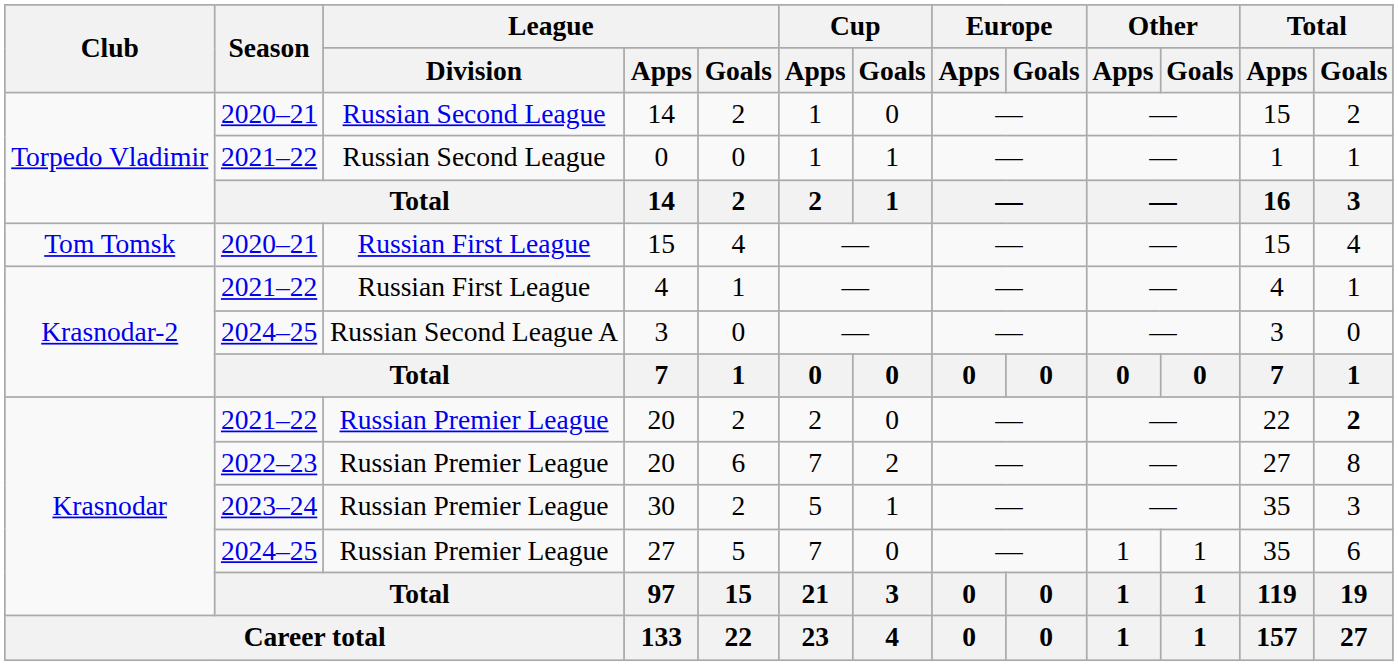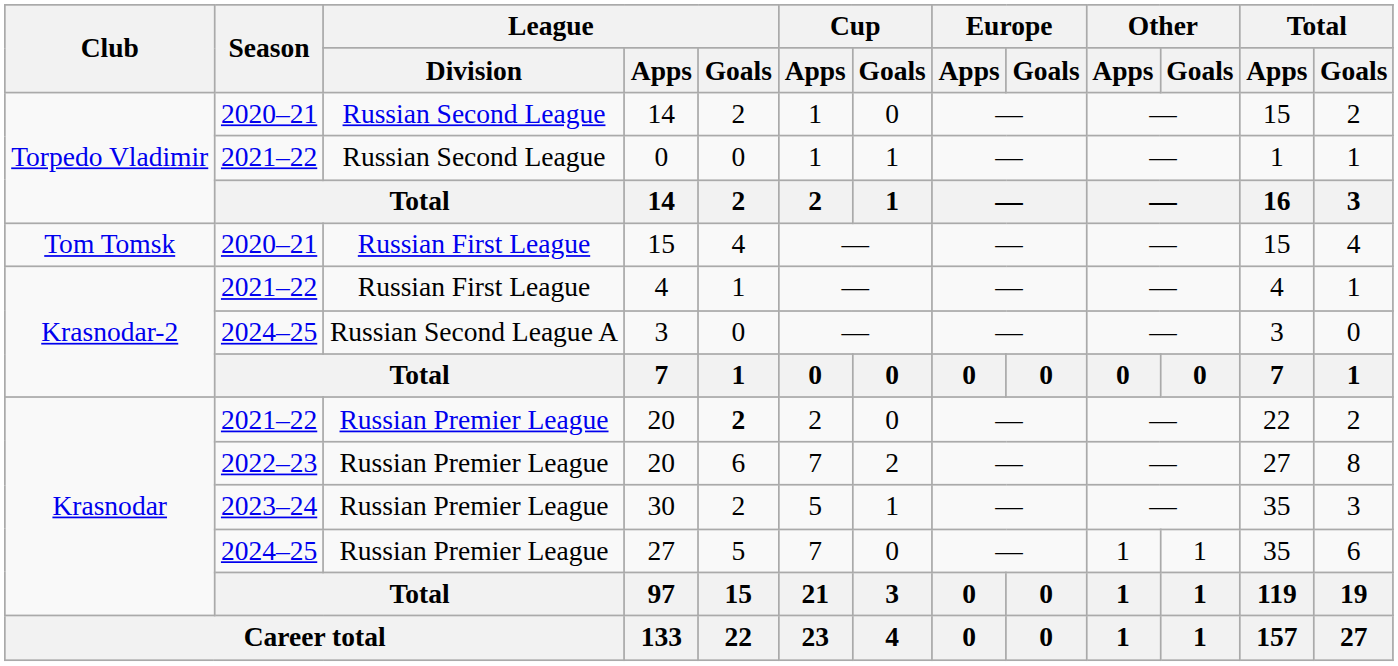 <table class="wikitable" style="text-align: center;">
 <tr>
 <th rowspan="2">Club</th>
 <th rowspan="2">Season</th>
 <th colspan="3">League</th>
 <th colspan="2">Cup</th>
 <th colspan="2">Europe</th>
 <th colspan="2">Other</th>
 <th colspan="2">Total</th>
 </tr>
 <tr>
 <th>Division</th>
 <th>Apps</th>
 <th>Goals</th>
 <th>Apps</th>
 <th>Goals</th>
 <th>Apps</th>
 <th>Goals</th>
 <th>Apps</th>
 <th>Goals</th>
 <th>Apps</th>
 <th>Goals</th>
 </tr>
 <tr>
 <td rowspan="3"><a href='#'>Torpedo Vladimir</a></td>
 <td><a href='#'>2020–21</a></td>
 <td><a href='#'>Russian Second League</a></td>
 <td>14</td>
 <td>2</td>
 <td>1</td>
 <td>0</td>
 <td colspan="2">—</td>
 <td colspan="2">—</td>
 <td>15</td>
 <td>2</td>
 </tr>
 <tr>
 <td><a href='#'>2021–22</a></td>
 <td>Russian Second League</td>
 <td>0</td>
 <td>0</td>
 <td>1</td>
 <td>1</td>
 <td colspan="2">—</td>
 <td colspan="2">—</td>
 <td>1</td>
 <td>1</td>
 </tr>
 <tr>
 <th colspan="2">Total</th>
 <th>14</th>
 <th>2</th>
 <th>2</th>
 <th>1</th>
 <th colspan="2">—</th>
 <th colspan="2">—</th>
 <th>16</th>
 <th>3</th>
 </tr>
 <tr>
 <td><a href='#'>Tom Tomsk</a></td>
 <td><a href='#'>2020–21</a></td>
 <td><a href='#'>Russian First League</a></td>
 <td>15</td>
 <td>4</td>
 <td colspan="2">—</td>
 <td colspan="2">—</td>
 <td colspan="2">—</td>
 <td>15</td>
 <td>4</td>
 </tr>
 <tr>
 <td rowspan="3"><a href='#'>Krasnodar-2</a></td>
 <td><a href='#'>2021–22</a></td>
 <td>Russian First League</td>
 <td>4</td>
 <td>1</td>
 <td colspan="2">—</td>
 <td colspan="2">—</td>
 <td colspan="2">—</td>
 <td>4</td>
 <td>1</td>
 </tr>
 <tr>
 <td><a href='#'>2024–25</a></td>
 <td>Russian Second League A</td>
 <td>3</td>
 <td>0</td>
 <td colspan="2">—</td>
 <td colspan="2">—</td>
 <td colspan="2">—</td>
 <td>3</td>
 <td>0</td>
 </tr>
 <tr>
 <th colspan="2">Total</th>
 <th>7</th>
 <th>1</th>
 <th>0</th>
 <th>0</th>
 <th>0</th>
 <th>0</th>
 <th>0</th>
 <th>0</th>
 <th>7</th>
 <th>1</th>
 </tr>
 <tr>
 <td rowspan="5"><a href='#'>Krasnodar</a></td>
 <td><a href='#'>2021–22</a></td>
 <td><a href='#'>Russian Premier League</a></td>
 <td>20</td>
-<td>2</td>
+<td><strong>2</strong></td>
 <td>2</td>
 <td>0</td>
 <td colspan="2">—</td>
 <td colspan="2">—</td>
 <td>22</td>
-<td><strong>2</strong></td>
+<td>2</td>
 </tr>
 <tr>
 <td><a href='#'>2022–23</a></td>
 <td>Russian Premier League</td>
 <td>20</td>
 <td>6</td>
 <td>7</td>
 <td>2</td>
 <td colspan="2">—</td>
 <td colspan="2">—</td>
 <td>27</td>
 <td>8</td>
 </tr>
 <tr>
 <td><a href='#'>2023–24</a></td>
 <td>Russian Premier League</td>
 <td>30</td>
 <td>2</td>
 <td>5</td>
 <td>1</td>
 <td colspan="2">—</td>
 <td colspan="2">—</td>
 <td>35</td>
 <td>3</td>
 </tr>
 <tr>
 <td><a href='#'>2024–25</a></td>
 <td>Russian Premier League</td>
 <td>27</td>
 <td>5</td>
 <td>7</td>
 <td>0</td>
 <td colspan="2">—</td>
 <td>1</td>
 <td>1</td>
 <td>35</td>
 <td>6</td>
 </tr>
 <tr>
 <th colspan="2">Total</th>
 <th>97</th>
 <th>15</th>
 <th>21</th>
 <th>3</th>
 <th>0</th>
 <th>0</th>
 <th>1</th>
 <th>1</th>
 <th>119</th>
 <th>19</th>
 </tr>
 <tr>
 <th colspan="3">Career total</th>
 <th>133</th>
 <th>22</th>
 <th>23</th>
 <th>4</th>
 <th>0</th>
 <th>0</th>
 <th>1</th>
 <th>1</th>
 <th>157</th>
 <th>27</th>
 </tr>
 </table>
